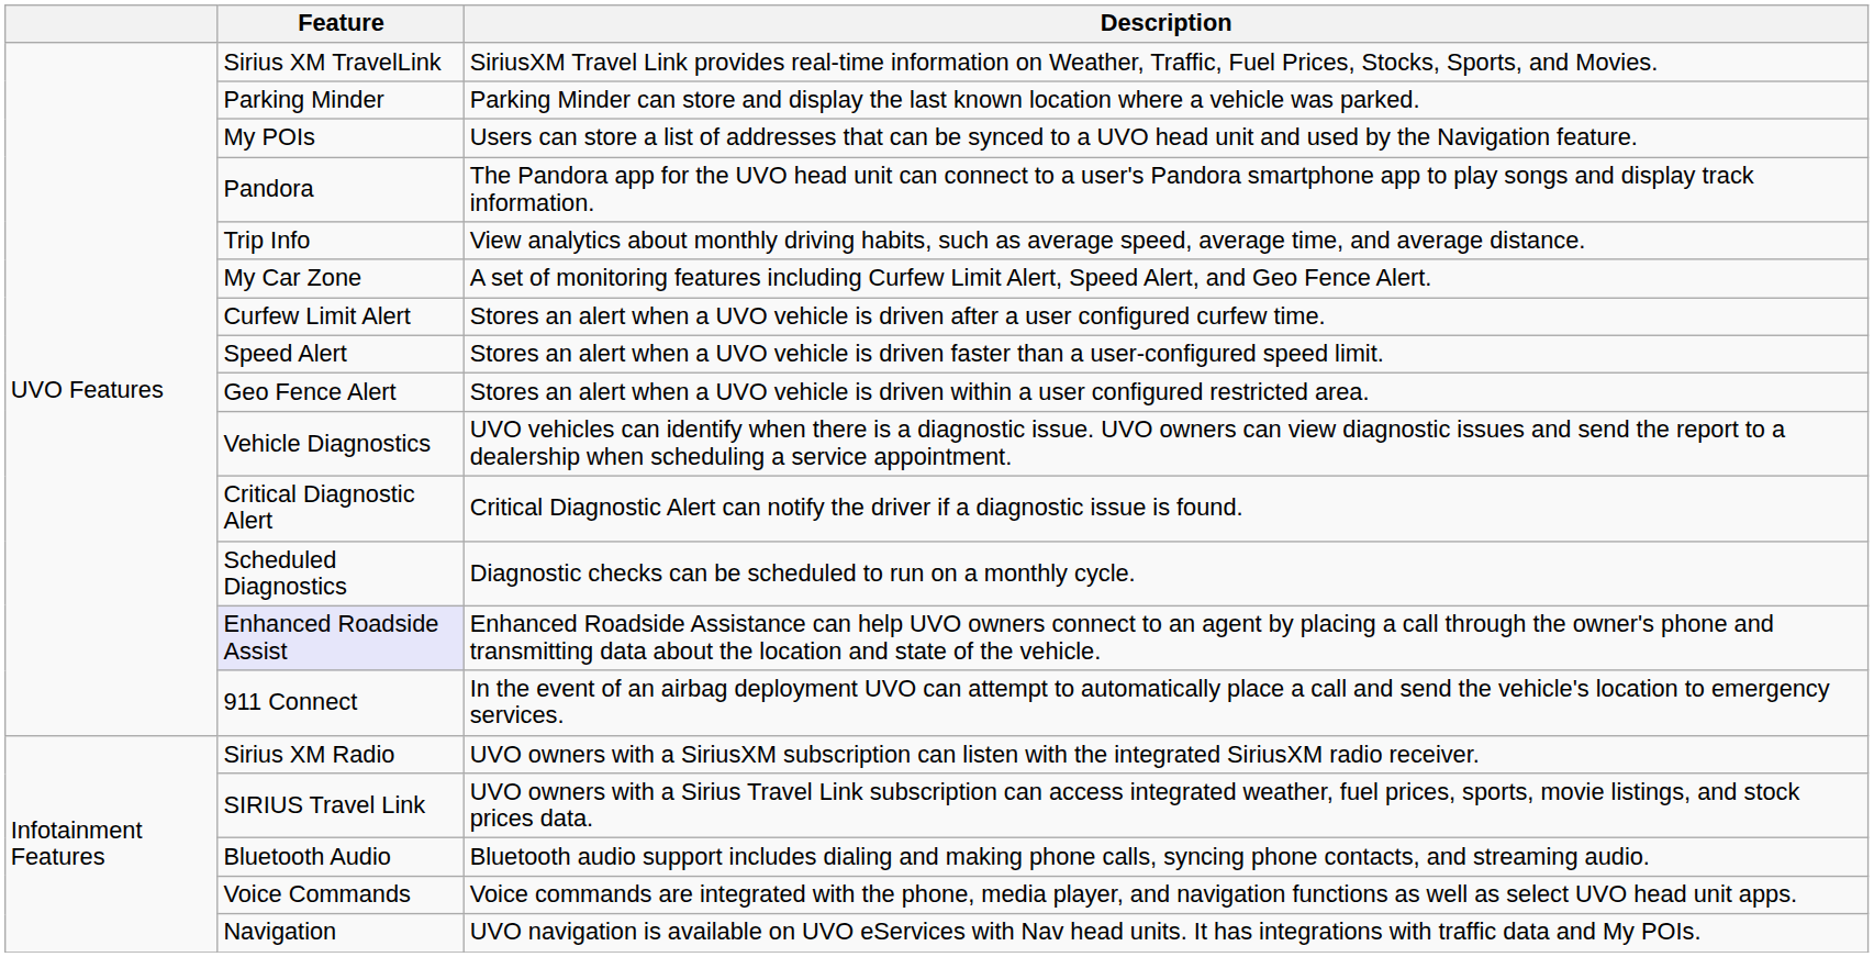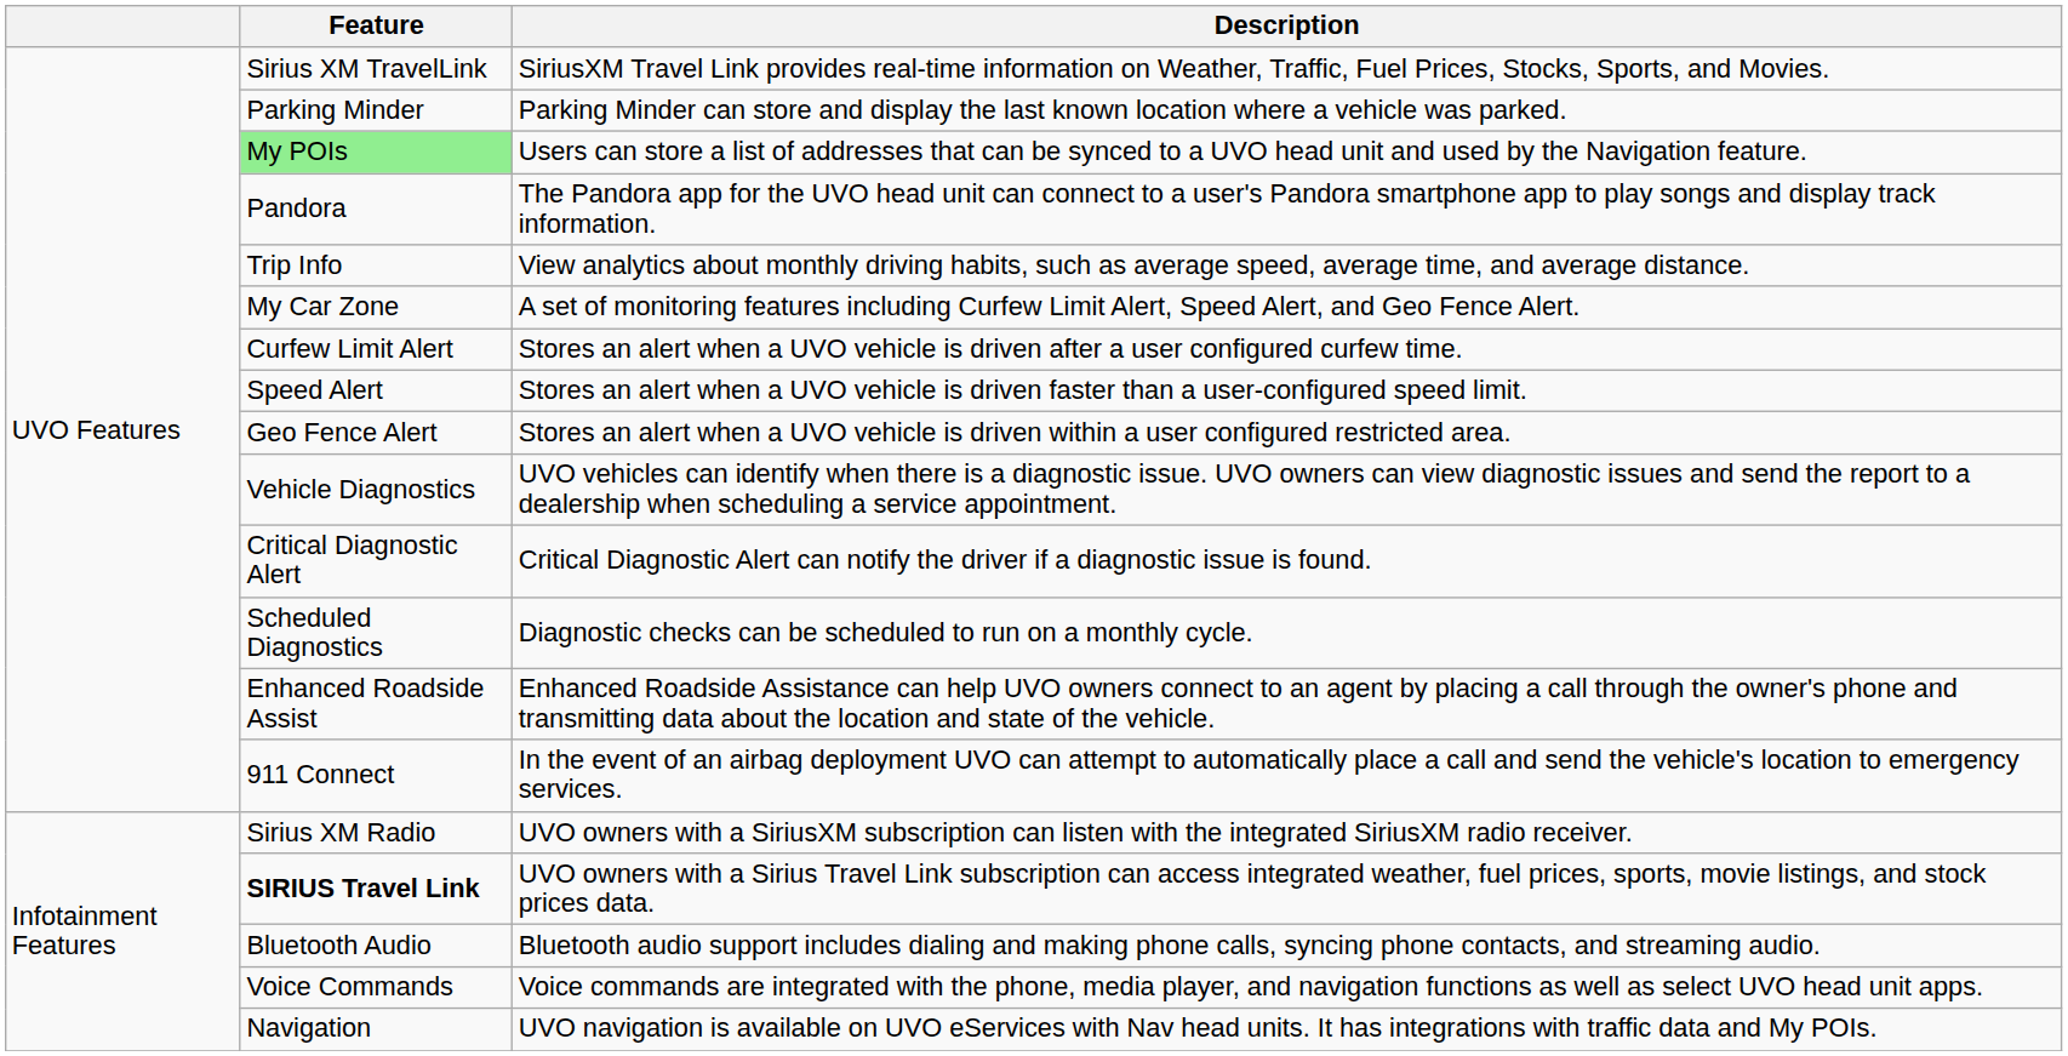 <table class="wikitable">
 <tr>
 <th></th>
 <th>Feature</th>
 <th>Description</th>
 </tr>
 <tr>
 <td rowspan = "14">UVO Features</td>
 <td>Sirius XM TravelLink</td>
 <td>SiriusXM Travel Link provides real-time information on Weather, Traffic, Fuel Prices, Stocks, Sports, and Movies.</td>
 </tr>
 <tr>
 <td>Parking Minder</td>
 <td>Parking Minder can store and display the last known location where a vehicle was parked.</td>
 </tr>
 <tr>
-<td>My POIs</td>
+<td style="background: lightgreen;">My POIs</td>
 <td>Users can store a list of addresses that can be synced to a UVO head unit and used by the Navigation feature.</td>
 </tr>
 <tr>
 <td>Pandora</td>
 <td>The Pandora app for the UVO head unit can connect to a user's Pandora smartphone app to play songs and display track information.</td>
 </tr>
 <tr>
 <td>Trip Info</td>
 <td>View analytics about monthly driving habits, such as average speed, average time, and average distance.</td>
 </tr>
 <tr>
 <td>My Car Zone</td>
 <td>A set of monitoring features including Curfew Limit Alert, Speed Alert, and Geo Fence Alert.</td>
 </tr>
 <tr>
 <td>Curfew Limit Alert</td>
 <td>Stores an alert when a UVO vehicle is driven after a user configured curfew time.</td>
 </tr>
 <tr>
 <td>Speed Alert</td>
 <td>Stores an alert when a UVO vehicle is driven faster than a user-configured speed limit.</td>
 </tr>
 <tr>
 <td>Geo Fence Alert</td>
 <td>Stores an alert when a UVO vehicle is driven within a user configured restricted area.</td>
 </tr>
 <tr>
 <td>Vehicle Diagnostics</td>
 <td>UVO vehicles can identify when there is a diagnostic issue. UVO owners can view diagnostic issues and send the report to a dealership when scheduling a service appointment.</td>
 </tr>
 <tr>
 <td>Critical Diagnostic Alert</td>
 <td>Critical Diagnostic Alert can notify the driver if a diagnostic issue is found.</td>
 </tr>
 <tr>
 <td>Scheduled Diagnostics</td>
 <td>Diagnostic checks can be scheduled to run on a monthly cycle.</td>
 </tr>
 <tr>
-<td style="background: lavender;">Enhanced Roadside Assist</td>
+<td>Enhanced Roadside Assist</td>
 <td>Enhanced Roadside Assistance can help UVO owners connect to an agent by placing a call through the owner's phone and transmitting data about the location and state of the vehicle.</td>
 </tr>
 <tr>
 <td>911 Connect</td>
 <td>In the event of an airbag deployment UVO can attempt to automatically place a call and send the vehicle's location to emergency services.</td>
 </tr>
 <tr>
 <td rowspan = "5">Infotainment Features</td>
 <td>Sirius XM Radio</td>
 <td>UVO owners with a SiriusXM subscription can listen with the integrated SiriusXM radio receiver.</td>
 </tr>
 <tr>
-<td>SIRIUS Travel Link</td>
+<td><strong>SIRIUS Travel Link</strong></td>
 <td>UVO owners with a Sirius Travel Link subscription can access integrated weather, fuel prices, sports, movie listings, and stock prices data.</td>
 </tr>
 <tr>
 <td>Bluetooth Audio</td>
 <td>Bluetooth audio support includes dialing and making phone calls, syncing phone contacts, and streaming audio.</td>
 </tr>
 <tr>
 <td>Voice Commands</td>
 <td>Voice commands are integrated with the phone, media player, and navigation functions as well as select UVO head unit apps.</td>
 </tr>
 <tr>
 <td>Navigation</td>
 <td>UVO navigation is available on UVO eServices with Nav head units. It has integrations with traffic data and My POIs.</td>
 </tr>
 </table>
